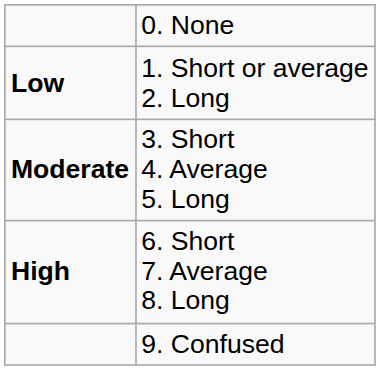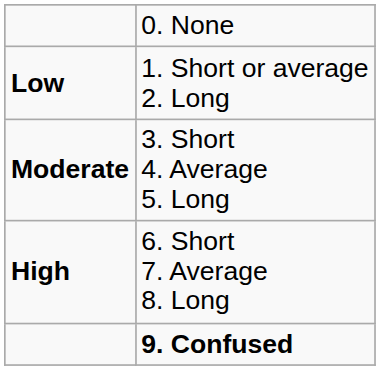 <table class="wikitable">
 <tr>
 <td> </td>
 <td>0. None</td>
 </tr>
 <tr>
 <td><strong>Low</strong></td>
 <td>1. Short or average<br> 2. Long</td>
 </tr>
 <tr>
 <td><strong>Moderate</strong></td>
 <td>3. Short<br>4. Average<br>5. Long</td>
 </tr>
 <tr>
 <td><strong>High</strong></td>
 <td>6. Short<br>7. Average<br>8. Long</td>
 </tr>
 <tr>
 <td> </td>
-<td>9. Confused</td>
+<td><strong>9. Confused</strong></td>
 </tr>
 </table>
